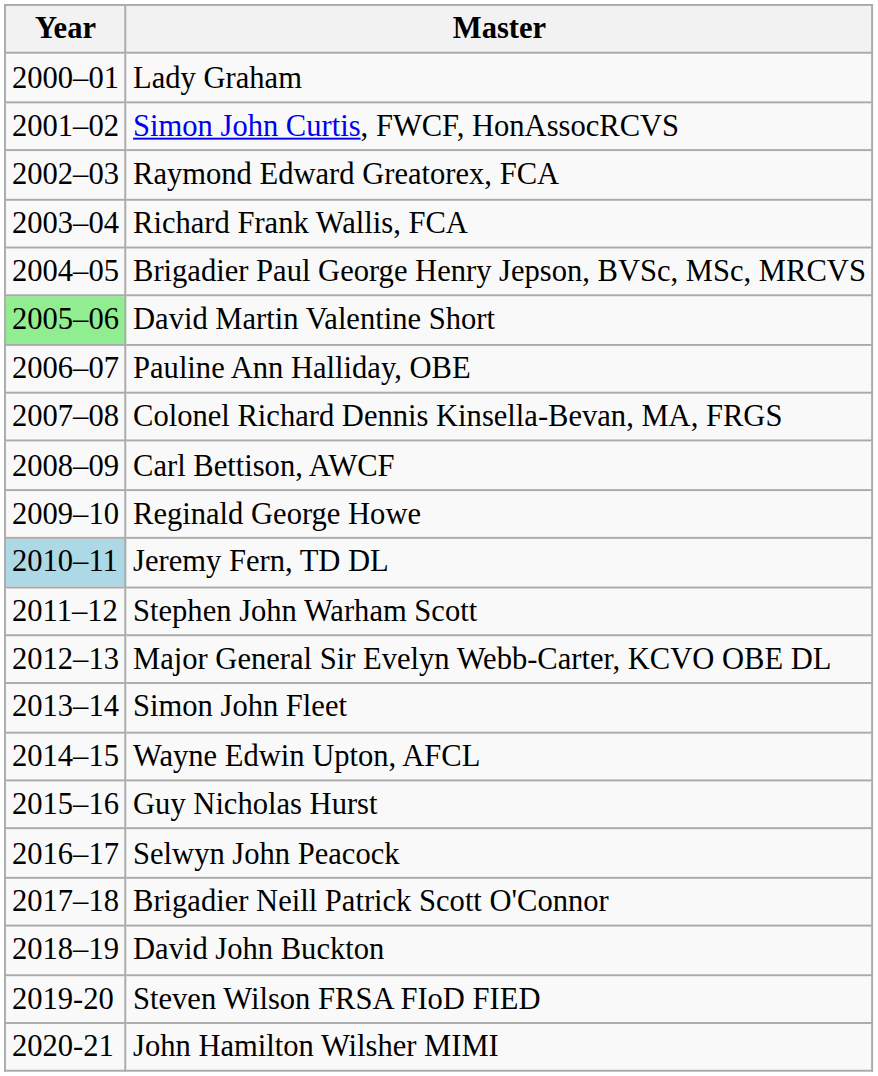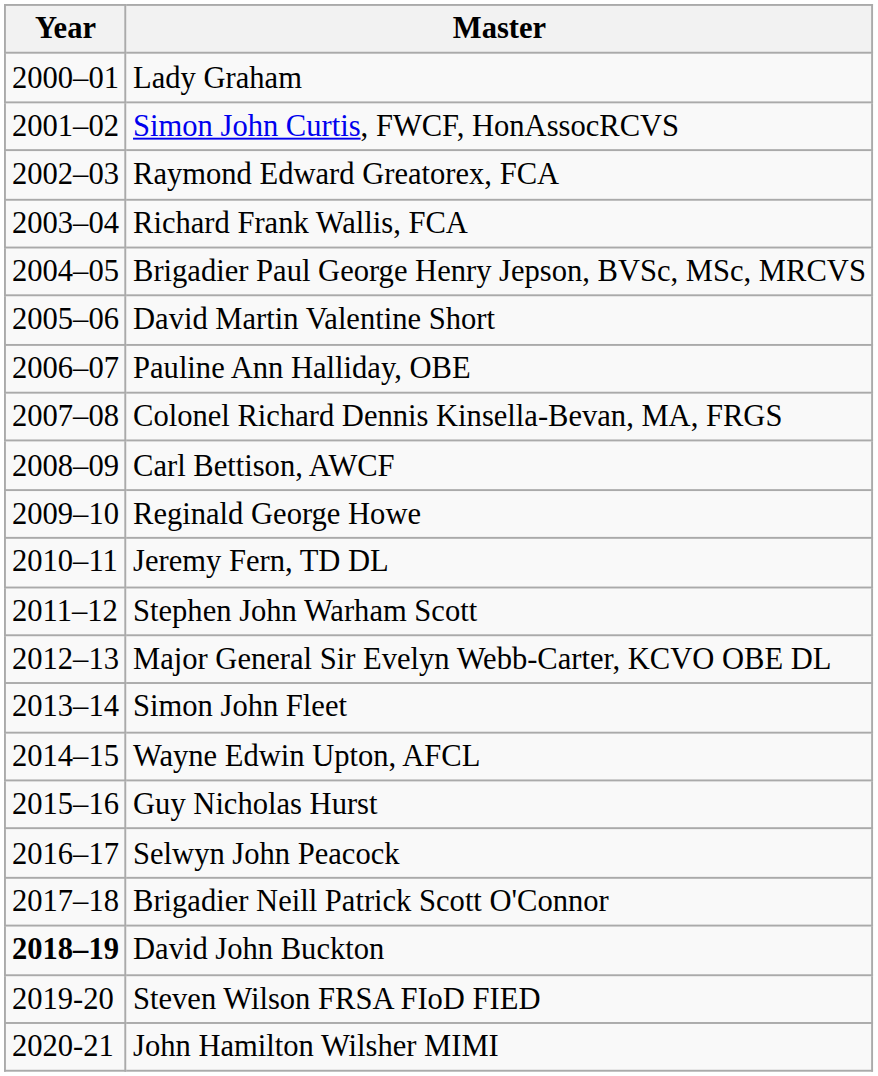 <table class="wikitable">
 <tr>
 <th>Year</th>
 <th>Master</th>
 </tr>
 <tr>
 <td>2000–01</td>
 <td>Lady Graham</td>
 </tr>
 <tr>
 <td>2001–02</td>
 <td><a href='#'>Simon John Curtis</a>, FWCF, HonAssocRCVS</td>
 </tr>
 <tr>
 <td>2002–03</td>
 <td>Raymond Edward Greatorex, FCA</td>
 </tr>
 <tr>
 <td>2003–04</td>
 <td>Richard Frank Wallis, FCA</td>
 </tr>
 <tr>
 <td>2004–05</td>
 <td>Brigadier Paul George Henry Jepson, BVSc, MSc, MRCVS</td>
 </tr>
 <tr>
-<td style="background: lightgreen;">2005–06</td>
+<td>2005–06</td>
 <td>David Martin Valentine Short</td>
 </tr>
 <tr>
 <td>2006–07</td>
 <td>Pauline Ann Halliday, OBE</td>
 </tr>
 <tr>
 <td>2007–08</td>
 <td>Colonel Richard Dennis Kinsella-Bevan, MA, FRGS</td>
 </tr>
 <tr>
 <td>2008–09</td>
 <td>Carl Bettison, AWCF</td>
 </tr>
 <tr>
 <td>2009–10</td>
 <td>Reginald George Howe</td>
 </tr>
 <tr>
-<td style="background: lightblue;">2010–11</td>
+<td>2010–11</td>
 <td>Jeremy Fern, TD DL</td>
 </tr>
 <tr>
 <td>2011–12</td>
 <td>Stephen John Warham Scott</td>
 </tr>
 <tr>
 <td>2012–13</td>
 <td>Major General Sir Evelyn Webb-Carter, KCVO OBE DL</td>
 </tr>
 <tr>
 <td>2013–14</td>
 <td>Simon John Fleet</td>
 </tr>
 <tr>
 <td>2014–15</td>
 <td>Wayne Edwin Upton, AFCL</td>
 </tr>
 <tr>
 <td>2015–16</td>
 <td>Guy Nicholas Hurst</td>
 </tr>
 <tr>
 <td>2016–17</td>
 <td>Selwyn John Peacock</td>
 </tr>
 <tr>
 <td>2017–18</td>
 <td>Brigadier Neill Patrick Scott O'Connor</td>
 </tr>
 <tr>
-<td>2018–19</td>
+<td><strong>2018–19</strong></td>
 <td>David John Buckton</td>
 </tr>
 <tr>
 <td>2019-20</td>
 <td>Steven Wilson FRSA FIoD FIED</td>
 </tr>
 <tr>
 <td>2020-21</td>
 <td>John Hamilton Wilsher MIMI</td>
 </tr>
 </table>
